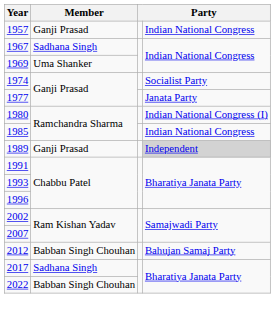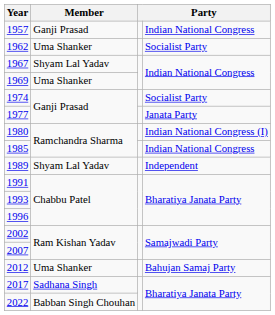 <table class="wikitable">
 <tr>
 <th>Year</th>
 <th>Member</th>
 <th colspan="2">Party</th>
 </tr>
 <tr>
 <td><a href='#'>1957</a></td>
 <td>Ganji Prasad</td>
 <td style="background-color: "></td>
 <td><a href='#'>Indian National Congress</a></td>
 </tr>
 <tr>
+<td><a href='#'>1962</a></td>
+<td>Uma Shanker</td>
+<td style="background-color: "></td>
+<td><a href='#'>Socialist Party</a></td>
+</tr>
+<tr>
 <td><a href='#'>1967</a></td>
-<td><a href='#'>Sadhana Singh</a></td>
+<td>Shyam Lal Yadav</td>
 <td rowspan="2" style="background-color: "></td>
 <td rowspan="2"><a href='#'>Indian National Congress</a></td>
 </tr>
 <tr>
 <td><a href='#'>1969</a></td>
 <td>Uma Shanker</td>
 </tr>
 <tr>
 <td><a href='#'>1974</a></td>
 <td rowspan="2">Ganji Prasad</td>
 <td style="background-color: "></td>
 <td><a href='#'>Socialist Party</a></td>
 </tr>
 <tr>
 <td><a href='#'>1977</a></td>
 <td style="background-color: "></td>
 <td><a href='#'>Janata Party</a></td>
 </tr>
 <tr>
 <td><a href='#'>1980</a></td>
 <td rowspan="2">Ramchandra Sharma</td>
 <td style="background-color: "></td>
 <td><a href='#'>Indian National Congress (I)</a></td>
 </tr>
 <tr>
 <td><a href='#'>1985</a></td>
 <td style="background-color: "></td>
 <td><a href='#'>Indian National Congress</a></td>
 </tr>
 <tr>
 <td><a href='#'>1989</a></td>
-<td>Ganji Prasad</td>
+<td>Shyam Lal Yadav</td>
 <td style="background-color: "></td>
-<td style="background: lightgrey;"><a href='#'>Independent</a></td>
+<td><a href='#'>Independent</a></td>
 </tr>
 <tr>
 <td><a href='#'>1991</a></td>
 <td rowspan="3">Chabbu Patel</td>
 <td rowspan="3" style="background-color: "></td>
 <td rowspan="3"><a href='#'>Bharatiya Janata Party</a></td>
 </tr>
 <tr>
 <td><a href='#'>1993</a></td>
 </tr>
 <tr>
 <td><a href='#'>1996</a></td>
 </tr>
 <tr>
 <td><a href='#'>2002</a></td>
 <td rowspan="2">Ram Kishan Yadav</td>
 <td rowspan="2" style="background-color: "></td>
 <td rowspan="2"><a href='#'>Samajwadi Party</a></td>
 </tr>
 <tr>
 <td><a href='#'>2007</a></td>
 </tr>
 <tr>
 <td><a href='#'>2012</a></td>
-<td>Babban Singh Chouhan</td>
+<td>Uma Shanker</td>
 <td style="background-color: "></td>
 <td><a href='#'>Bahujan Samaj Party</a></td>
 </tr>
 <tr>
 <td><a href='#'>2017</a></td>
 <td><a href='#'>Sadhana Singh</a></td>
 <td rowspan="2" style="background-color: "></td>
 <td rowspan="2"><a href='#'>Bharatiya Janata Party</a></td>
 </tr>
 <tr>
 <td><a href='#'>2022</a></td>
 <td>Babban Singh Chouhan</td>
 </tr>
 </table>
